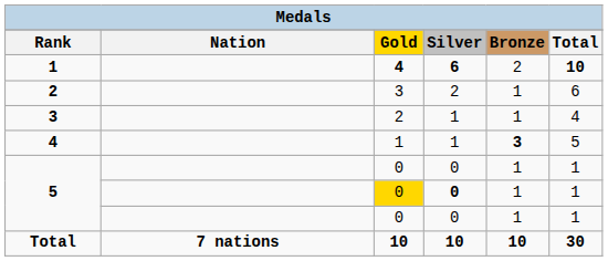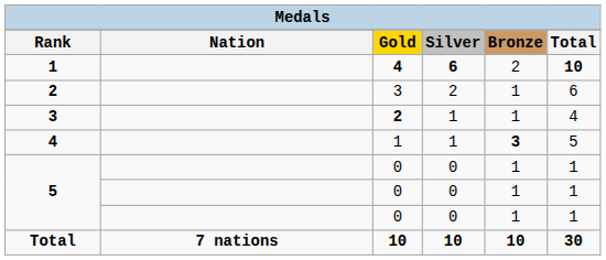 <table class="wikitable" style="text-align:center">
 <tr>
 <td colspan="6" style="background:#BCD4E6"><strong>Medals</strong></td>
 </tr>
 <tr>
 </tr>
 <tr style="background-color:#EDEDED;">
 <th width="75px" class="hintergrundfarbe5">Rank</th>
 <th width="225px" class="hintergrundfarbe6">Nation</th>
 <th style="background:    gold; width:35px ">Gold</th>
 <th style="background:  silver; width:35px ">Silver</th>
 <th style="background: #CC9966; width:35px ">Bronze</th>
 <th width="35px">Total</th>
 </tr>
 <tr>
 <td><strong>1</strong></td>
 <td align=left></td>
 <td><strong>4</strong></td>
 <td><strong>6</strong></td>
 <td>2</td>
 <td><strong>10</strong></td>
 </tr>
 <tr>
 <td><strong>2</strong></td>
 <td align=left></td>
 <td>3</td>
 <td>2</td>
 <td>1</td>
 <td>6</td>
 </tr>
 <tr>
 <td><strong>3</strong></td>
 <td align=left></td>
-<td>2</td>
+<td><strong>2</strong></td>
 <td>1</td>
 <td>1</td>
 <td>4</td>
 </tr>
 <tr>
 <td><strong>4</strong></td>
 <td align=left></td>
 <td>1</td>
 <td>1</td>
 <td><strong>3</strong></td>
 <td>5</td>
 </tr>
 <tr>
 <td rowspan="3"><strong>5</strong></td>
 <td align=left></td>
 <td>0</td>
 <td>0</td>
 <td>1</td>
 <td>1</td>
 </tr>
 <tr>
 <td align=left></td>
-<td style="background: gold;">0</td>
-<td><strong>0</strong></td>
+<td>0</td>
+<td>0</td>
 <td>1</td>
 <td>1</td>
 </tr>
 <tr>
 <td align=left><em></em></td>
 <td>0</td>
 <td>0</td>
 <td>1</td>
 <td>1</td>
 </tr>
 <tr>
 <td><strong>Total</strong></td>
 <td><strong>7 nations</strong></td>
 <td><strong>10</strong></td>
 <td><strong>10</strong></td>
 <td><strong>10</strong></td>
 <td><strong>30</strong></td>
 </tr>
 </table>
